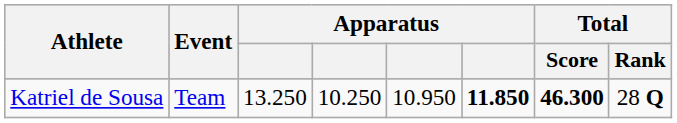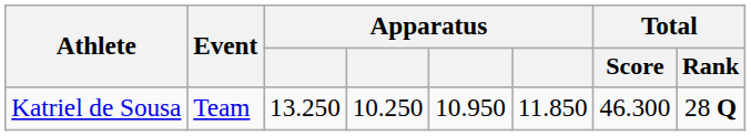 <table class=wikitable style=font-size:90%;text-align:center>
 <tr>
 <th rowspan=2>Athlete</th>
 <th rowspan=2>Event</th>
 <th colspan=4>Apparatus</th>
 <th colspan=2>Total</th>
 </tr>
 <tr style=font-size:95%>
 <th></th>
 <th></th>
 <th></th>
 <th></th>
 <th>Score</th>
 <th>Rank</th>
 </tr>
 <tr>
 <td align=left><a href='#'>Katriel de Sousa</a></td>
 <td align=left rowspan=6><a href='#'>Team</a></td>
 <td>13.250</td>
 <td>10.250</td>
 <td>10.950</td>
-<td><strong>11.850</strong></td>
-<td><strong>46.300</strong></td>
+<td>11.850</td>
+<td>46.300</td>
 <td>28 <strong>Q</strong></td>
 </tr>
 </table>
